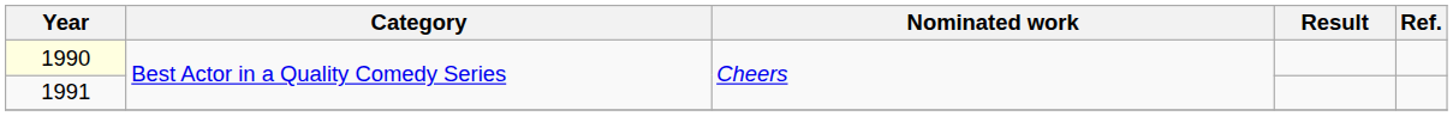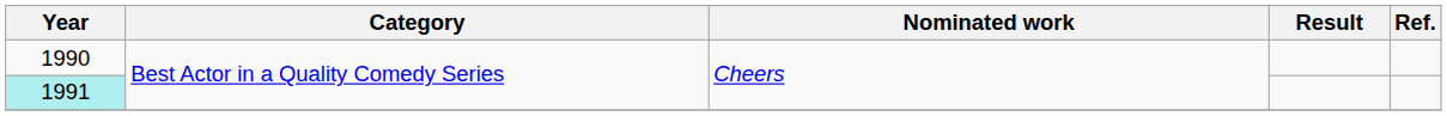 <table class=wikitable>
 <tr>
 <th scope="col" style="width:5em;">Year</th>
 <th scope="col" style="width:26em;">Category</th>
 <th scope="col" style="width:25em;">Nominated work</th>
 <th scope="col" style="width:5em;">Result</th>
 <th>Ref.</th>
 </tr>
 <tr>
-<td style="background: lightyellow; text-align:center;">1990</td>
+<td style="text-align:center;">1990</td>
 <td rowspan=2><a href='#'>Best Actor in a Quality Comedy Series</a></td>
 <td rowspan=2><em><a href='#'>Cheers</a></em></td>
 <td></td>
 <td></td>
 </tr>
 <tr>
-<td style="text-align:center;">1991</td>
+<td style="background: paleturquoise; text-align:center;">1991</td>
 <td></td>
 <td></td>
 </tr>
 <tr>
 </tr>
 </table>
